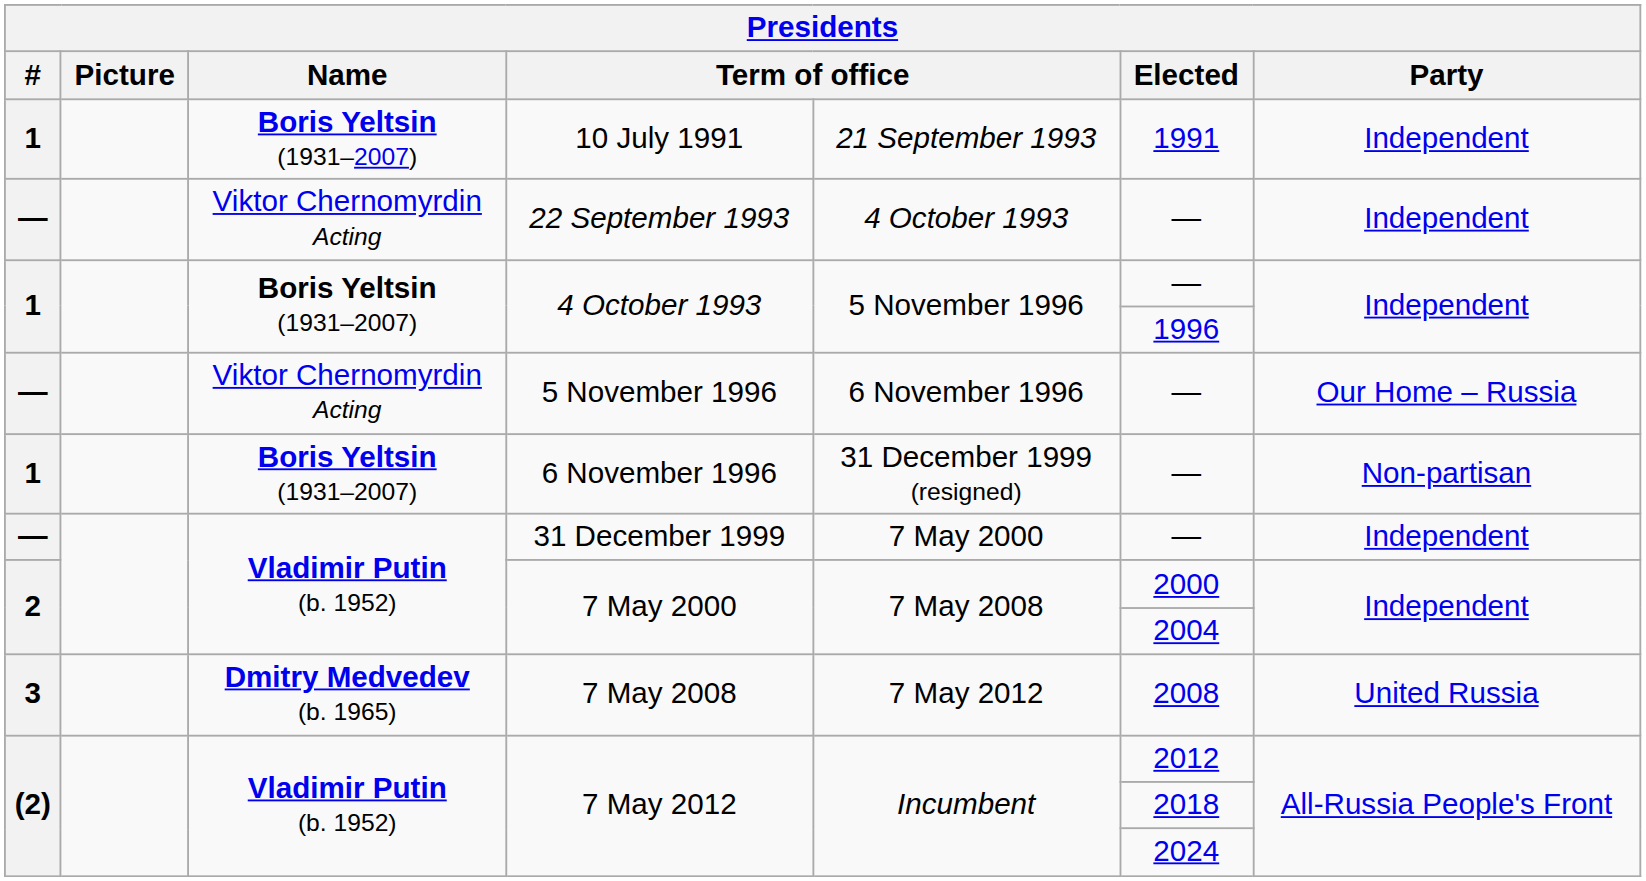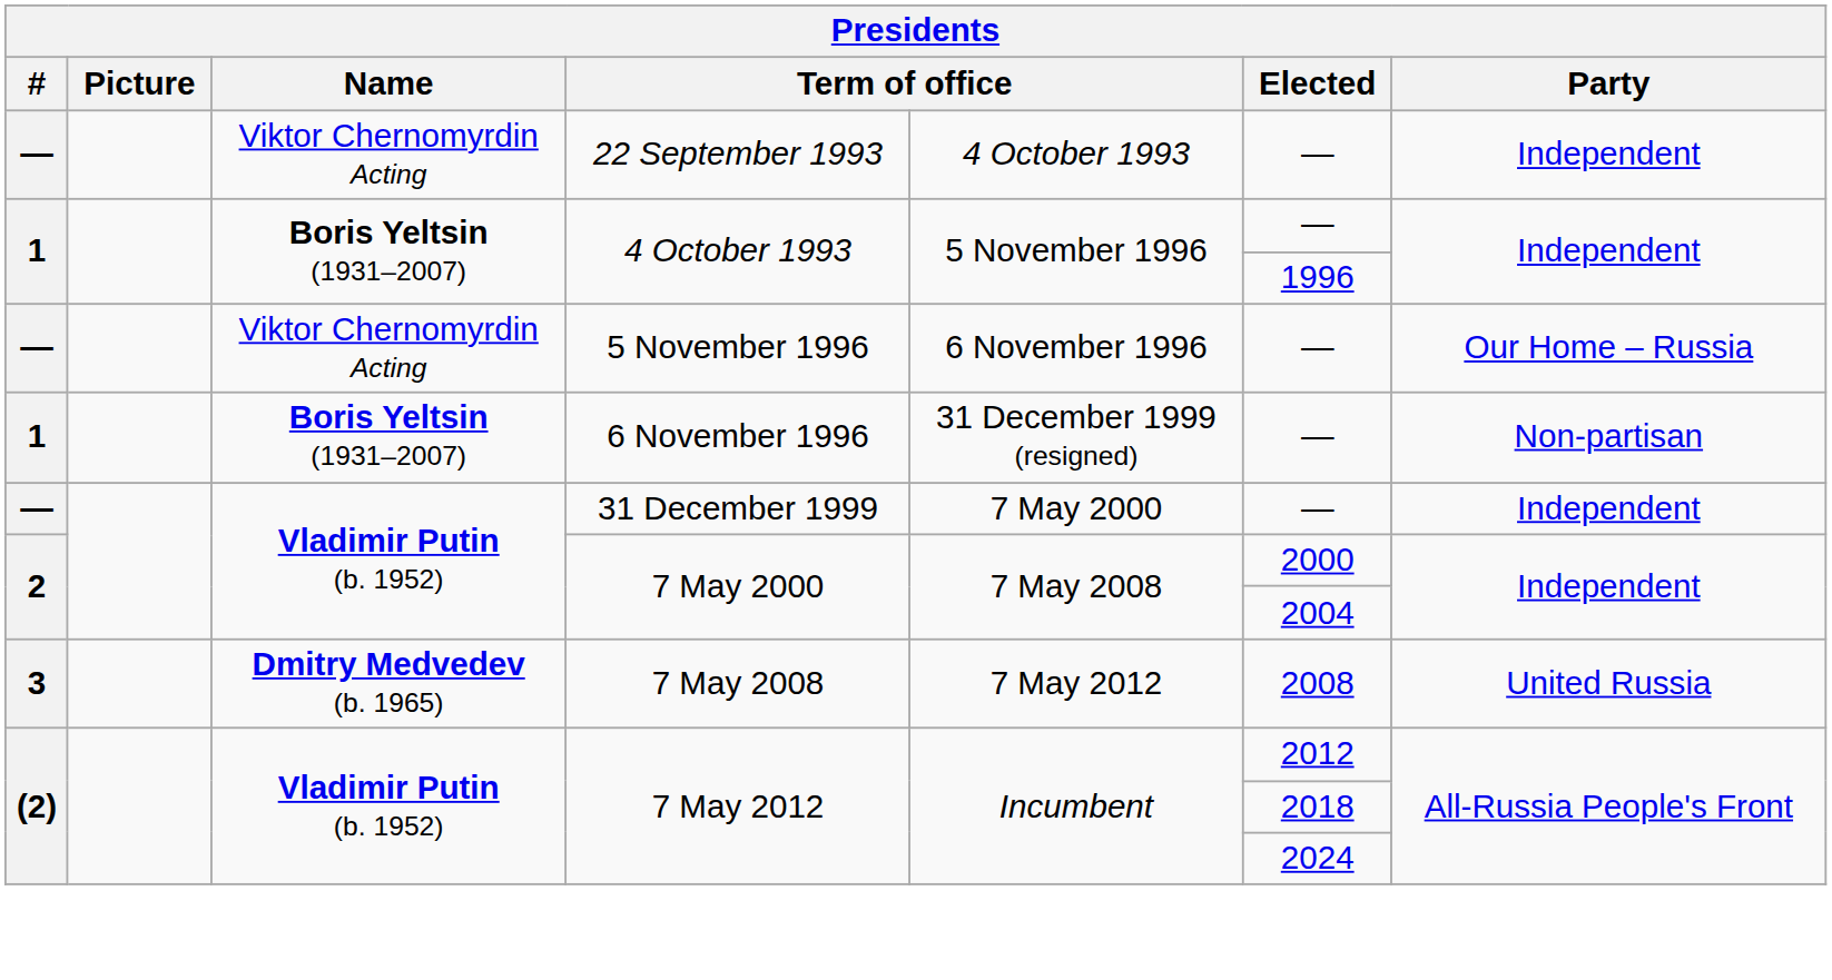 <table class="wikitable" style="text-align:center; width:70%">
 <tr>
 <th colspan="7"><a href='#'>Presidents</a></th>
 </tr>
 <tr>
 <th>#</th>
 <th>Picture</th>
 <th>Name</th>
 <th colspan="2">Term of office</th>
 <th>Elected</th>
 <th>Party</th>
-</tr>
-<tr>
-<th style="background:">1</th>
-<td></td>
-<td><strong><a href='#'>Boris Yeltsin</a></strong><br><small>(1931–<a href='#'>2007</a>)</small></td>
-<td>10 July 1991</td>
-<td><em>21 September 1993</em></td>
-<td><a href='#'>1991</a></td>
-<td><a href='#'>Independent</a></td>
 </tr>
 <tr>
 <th style="background:">—</th>
 <td></td>
 <td><a href='#'>Viktor Chernomyrdin</a><br><small><em>Acting</em></small></td>
 <td><em>22 September 1993</em></td>
 <td><em>4 October 1993</em></td>
 <td>—</td>
 <td><a href='#'>Independent</a></td>
 </tr>
 <tr>
 <th rowspan="2" style="background:">1</th>
 <td rowspan="2"></td>
 <td rowspan="2"><strong>Boris Yeltsin</strong><br><small>(1931–2007)</small></td>
 <td rowspan="2"><em>4 October 1993</em></td>
 <td rowspan="2">5 November 1996</td>
 <td>—</td>
 <td rowspan="2"><a href='#'>Independent</a></td>
 </tr>
 <tr>
 <td><a href='#'>1996</a></td>
 </tr>
 <tr>
 <th style="background:">—</th>
 <td></td>
 <td><a href='#'>Viktor Chernomyrdin</a><br><small><em>Acting</em></small></td>
 <td>5 November 1996</td>
 <td>6 November 1996</td>
 <td>—</td>
 <td><a href='#'>Our Home – Russia</a></td>
 </tr>
 <tr>
 <th style="background:">1</th>
 <td></td>
 <td><strong><a href='#'>Boris Yeltsin</a></strong><br><small>(1931–2007)</small></td>
 <td>6 November 1996</td>
 <td>31 December 1999<br><small>(resigned)</small></td>
 <td>—</td>
 <td><a href='#'>Non-partisan</a></td>
 </tr>
 <tr>
 <th style="background:">—</th>
 <td rowspan="3"></td>
 <td rowspan="3"><strong><a href='#'>Vladimir Putin</a></strong><br><small>(b. 1952)</small></td>
 <td>31 December 1999</td>
 <td>7 May 2000</td>
 <td>—</td>
 <td><a href='#'>Independent</a></td>
 </tr>
 <tr>
 <th rowspan="2" style="background:">2</th>
 <td rowspan="2">7 May 2000</td>
 <td rowspan="2">7 May 2008</td>
 <td><a href='#'>2000</a></td>
 <td rowspan="2"><a href='#'>Independent</a></td>
 </tr>
 <tr>
 <td><a href='#'>2004</a></td>
 </tr>
 <tr>
 <th style="background:">3</th>
 <td></td>
 <td><strong><a href='#'>Dmitry Medvedev</a></strong><br><small>(b. 1965)</small></td>
 <td>7 May 2008</td>
 <td>7 May 2012</td>
 <td><a href='#'>2008</a></td>
 <td><a href='#'>United Russia</a><br></td>
 </tr>
 <tr>
 <th rowspan="3" style="background:">(2)</th>
 <td rowspan="3"></td>
 <td rowspan="3"><strong><a href='#'>Vladimir Putin</a></strong><br><small>(b. 1952)</small></td>
 <td rowspan="3">7 May 2012</td>
 <td rowspan="3"><em>Incumbent</em><br><small></small></td>
 <td><a href='#'>2012</a></td>
 <td rowspan="3"><a href='#'>All-Russia People's Front</a></td>
 </tr>
 <tr>
 <td><a href='#'>2018</a></td>
 </tr>
 <tr>
 <td><a href='#'>2024</a></td>
 </tr>
 </table>
